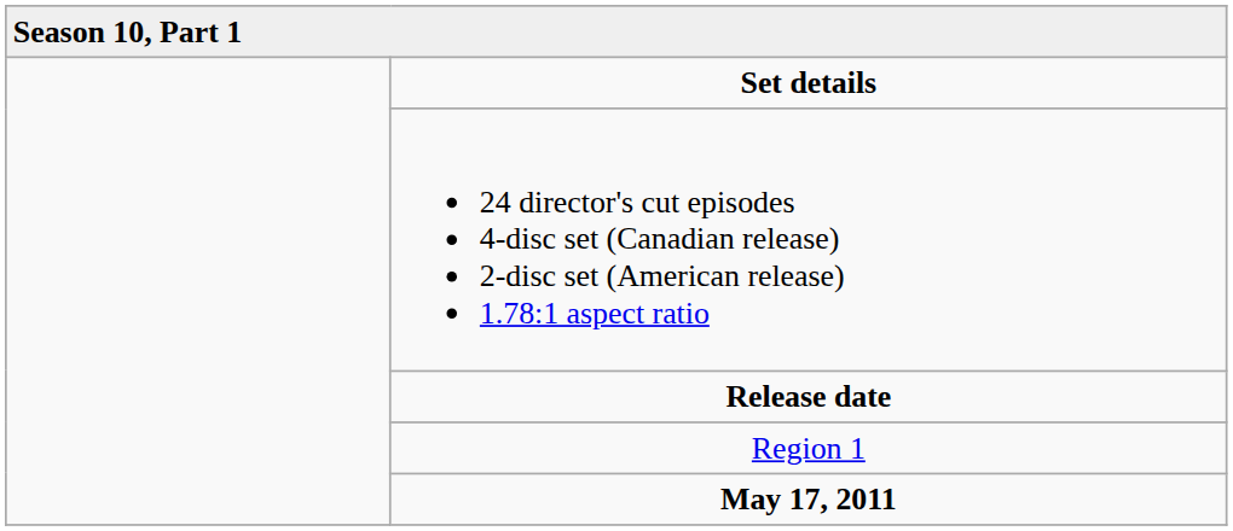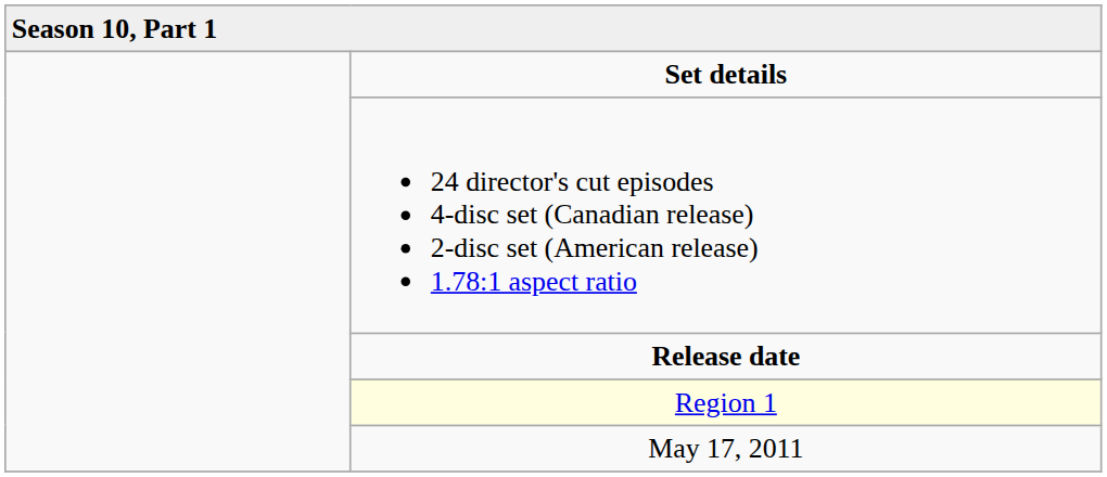 <table class="wikitable" style="font-size: 95%;">
 <tr style="background:#EFEFEF">
 <td colspan="5"><strong>Season 10, Part 1</strong></td>
 </tr>
 <tr valign="top">
 <td rowspan="5" valign="center" align="center" width="180"></td>
 <td align="center" width="400" colspan="3"><strong>Set details</strong></td>
 </tr>
 <tr valign="top">
 <td colspan="3" align="left" width="400" height="100"><br><ul><li>24 director's cut episodes</li><li>4-disc set (Canadian release)</li><li>2-disc set (American release)</li><li><a href='#'>1.78:1 aspect ratio</a></li></ul></td>
 </tr>
 <tr>
 <td colspan="3" align="center"><strong>Release date</strong></td>
 </tr>
 <tr>
-<td align="center"> <a href='#'>Region 1</a></td>
+<td align="center" style="background: lightyellow;"> <a href='#'>Region 1</a></td>
 </tr>
 <tr>
-<td align="center"><strong>May 17, 2011</strong></td>
+<td align="center">May 17, 2011</td>
 </tr>
 </table>
